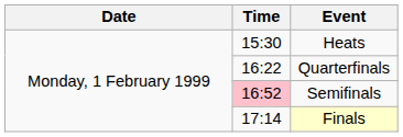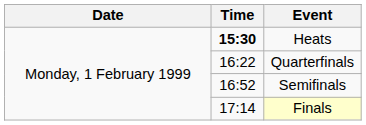 <table class = "wikitable" style="text-align:center;">
 <tr>
 <th width=220>Date</th>
 <th width=50>Time</th>
 <th width=100>Event</th>
 </tr>
 <tr>
 <td rowspan=4>Monday, 1 February 1999</td>
-<td>15:30</td>
+<td><strong>15:30</strong></td>
 <td>Heats</td>
 </tr>
 <tr>
 <td>16:22</td>
 <td>Quarterfinals</td>
 </tr>
 <tr>
-<td style="background: pink;">16:52</td>
+<td>16:52</td>
 <td>Semifinals</td>
 </tr>
 <tr>
 <td>17:14</td>
 <td bgcolor=ffffcc>Finals</td>
 </tr>
 </table>
